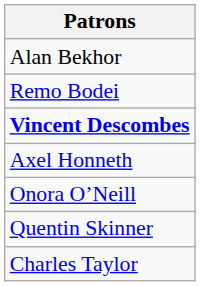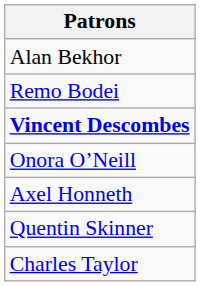 <table class="wikitable">
 <tr>
 <th>Patrons</th>
 </tr>
 <tr>
 <td>Alan Bekhor</td>
 </tr>
 <tr>
 <td><a href='#'>Remo Bodei</a></td>
 </tr>
 <tr>
 <td><strong><a href='#'>Vincent Descombes</a></strong></td>
 </tr>
 <tr>
-<td><a href='#'>Axel Honneth</a></td>
+<td><a href='#'>Onora O’Neill</a></td>
 </tr>
 <tr>
-<td><a href='#'>Onora O’Neill</a></td>
+<td><a href='#'>Axel Honneth</a></td>
 </tr>
 <tr>
 <td><a href='#'>Quentin Skinner</a></td>
 </tr>
 <tr>
 <td><a href='#'>Charles Taylor</a></td>
 </tr>
 </table>
